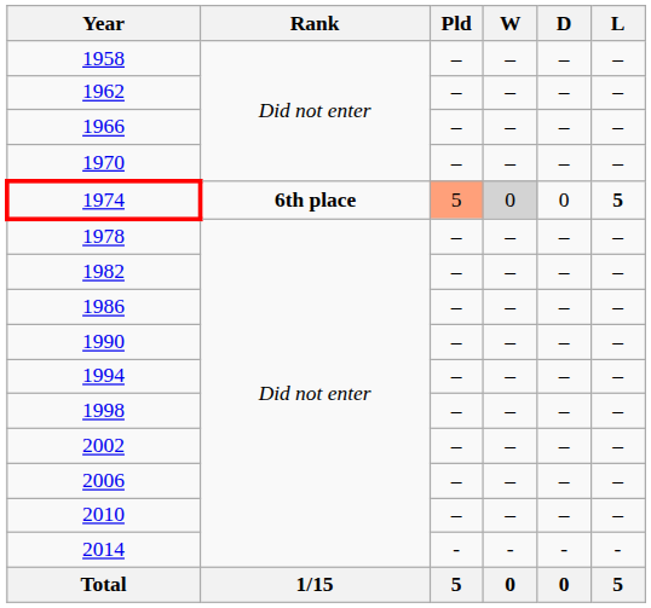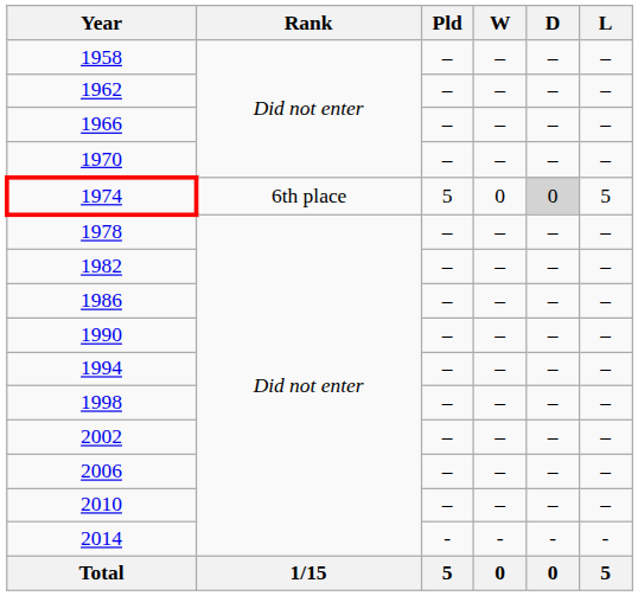 <table class="wikitable" style="text-align: center;font-size:90%;">
 <tr>
 <th width=125>Year</th>
 <th width=150>Rank</th>
 <th width=30>Pld</th>
 <th width=30>W</th>
 <th width=30>D</th>
 <th width=30>L</th>
 </tr>
 <tr>
 <td> <a href='#'>1958</a></td>
 <td rowspan=4><em>Did not enter</em></td>
 <td>–</td>
 <td>–</td>
 <td>–</td>
 <td>–</td>
 </tr>
 <tr>
 <td> <a href='#'>1962</a></td>
 <td>–</td>
 <td>–</td>
 <td>–</td>
 <td>–</td>
 </tr>
 <tr>
 <td> <a href='#'>1966</a></td>
 <td>–</td>
 <td>–</td>
 <td>–</td>
 <td>–</td>
 </tr>
 <tr>
 <td> <a href='#'>1970</a></td>
 <td>–</td>
 <td>–</td>
 <td>–</td>
 <td>–</td>
 </tr>
 <tr>
 <td style="border: 3px solid red"> <a href='#'>1974</a></td>
-<td><strong>6th place</strong></td>
-<td style="background: lightsalmon;">5</td>
+<td>6th place</td>
+<td>5</td>
+<td>0</td>
 <td style="background: lightgrey;">0</td>
-<td>0</td>
-<td><strong>5</strong></td>
+<td>5</td>
 </tr>
 <tr>
 <td> <a href='#'>1978</a></td>
 <td rowspan=10><em>Did not enter</em></td>
 <td>–</td>
 <td>–</td>
 <td>–</td>
 <td>–</td>
 </tr>
 <tr>
 <td> <a href='#'>1982</a></td>
 <td>–</td>
 <td>–</td>
 <td>–</td>
 <td>–</td>
 </tr>
 <tr>
 <td> <a href='#'>1986</a></td>
 <td>–</td>
 <td>–</td>
 <td>–</td>
 <td>–</td>
 </tr>
 <tr>
 <td> <a href='#'>1990</a></td>
 <td>–</td>
 <td>–</td>
 <td>–</td>
 <td>–</td>
 </tr>
 <tr>
 <td> <a href='#'>1994</a></td>
 <td>–</td>
 <td>–</td>
 <td>–</td>
 <td>–</td>
 </tr>
 <tr>
 <td> <a href='#'>1998</a></td>
 <td>–</td>
 <td>–</td>
 <td>–</td>
 <td>–</td>
 </tr>
 <tr>
 <td> <a href='#'>2002</a></td>
 <td>–</td>
 <td>–</td>
 <td>–</td>
 <td>–</td>
 </tr>
 <tr>
 <td> <a href='#'>2006</a></td>
 <td>–</td>
 <td>–</td>
 <td>–</td>
 <td>–</td>
 </tr>
 <tr>
 <td> <a href='#'>2010</a></td>
 <td>–</td>
 <td>–</td>
 <td>–</td>
 <td>–</td>
 </tr>
 <tr>
 <td> <a href='#'>2014</a></td>
 <td>-</td>
 <td>-</td>
 <td>-</td>
 <td>-</td>
 </tr>
 <tr>
 <th>Total</th>
 <th>1/15</th>
 <th>5</th>
 <th>0</th>
 <th>0</th>
 <th>5</th>
 </tr>
 </table>
